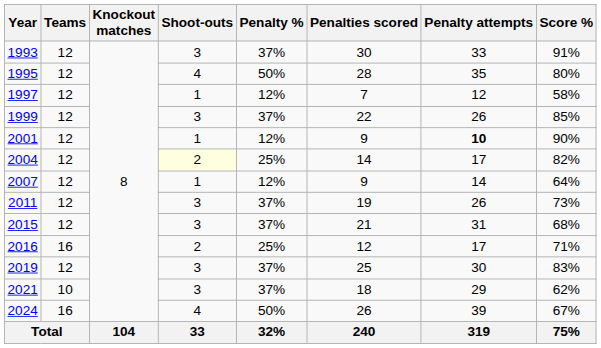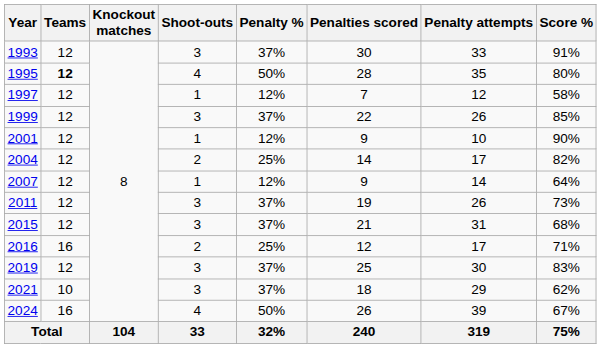 <table class="wikitable sortable" style="text-align:center">
 <tr>
 <th>Year</th>
 <th>Teams</th>
 <th>Knockout<br>matches</th>
 <th>Shoot-outs</th>
 <th>Penalty %</th>
 <th>Penalties scored</th>
 <th>Penalty attempts</th>
 <th>Score %</th>
 </tr>
 <tr>
 <td><a href='#'>1993</a></td>
 <td>12</td>
 <td rowspan=13>8</td>
 <td>3</td>
 <td>37%</td>
 <td>30</td>
 <td>33</td>
 <td>91%</td>
 </tr>
 <tr>
 <td><a href='#'>1995</a></td>
-<td>12</td>
+<td><strong>12</strong></td>
 <td>4</td>
 <td>50%</td>
 <td>28</td>
 <td>35</td>
 <td>80%</td>
 </tr>
 <tr>
 <td><a href='#'>1997</a></td>
 <td>12</td>
 <td>1</td>
 <td>12%</td>
 <td>7</td>
 <td>12</td>
 <td>58%</td>
 </tr>
 <tr>
 <td><a href='#'>1999</a></td>
 <td>12</td>
 <td>3</td>
 <td>37%</td>
 <td>22</td>
 <td>26</td>
 <td>85%</td>
 </tr>
 <tr>
 <td><a href='#'>2001</a></td>
 <td>12</td>
 <td>1</td>
 <td>12%</td>
 <td>9</td>
-<td><strong>10</strong></td>
+<td>10</td>
 <td>90%</td>
 </tr>
 <tr>
 <td><a href='#'>2004</a></td>
 <td>12</td>
-<td style="background: lightyellow;">2</td>
+<td>2</td>
 <td>25%</td>
 <td>14</td>
 <td>17</td>
 <td>82%</td>
 </tr>
 <tr>
 <td><a href='#'>2007</a></td>
 <td>12</td>
 <td>1</td>
 <td>12%</td>
 <td>9</td>
 <td>14</td>
 <td>64%</td>
 </tr>
 <tr>
 <td><a href='#'>2011</a></td>
 <td>12</td>
 <td>3</td>
 <td>37%</td>
 <td>19</td>
 <td>26</td>
 <td>73%</td>
 </tr>
 <tr>
 <td><a href='#'>2015</a></td>
 <td>12</td>
 <td>3</td>
 <td>37%</td>
 <td>21</td>
 <td>31</td>
 <td>68%</td>
 </tr>
 <tr>
 <td><a href='#'>2016</a></td>
 <td>16</td>
 <td>2</td>
 <td>25%</td>
 <td>12</td>
 <td>17</td>
 <td>71%</td>
 </tr>
 <tr>
 <td><a href='#'>2019</a></td>
 <td>12</td>
 <td>3</td>
 <td>37%</td>
 <td>25</td>
 <td>30</td>
 <td>83%</td>
 </tr>
 <tr>
 <td><a href='#'>2021</a></td>
 <td>10</td>
 <td>3</td>
 <td>37%</td>
 <td>18</td>
 <td>29</td>
 <td>62%</td>
 </tr>
 <tr>
 <td><a href='#'>2024</a></td>
 <td>16</td>
 <td>4</td>
 <td>50%</td>
 <td>26</td>
 <td>39</td>
 <td>67%</td>
 </tr>
 <tr>
 <th colspan=2>Total</th>
 <th>104</th>
 <th>33</th>
 <th>32%</th>
 <th>240</th>
 <th>319</th>
 <th>75%</th>
 </tr>
 </table>
